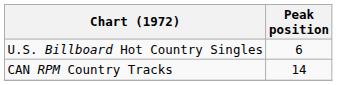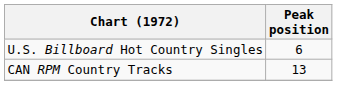 <table class="wikitable sortable">
 <tr>
 <th align="left">Chart (1972)</th>
 <th align="center">Peak<br>position</th>
 </tr>
 <tr>
 <td align="left">U.S. <em>Billboard</em> Hot Country Singles</td>
 <td align="center">6</td>
 </tr>
 <tr>
 <td align="left">CAN <em>RPM</em> Country Tracks</td>
-<td align="center">14</td>
+<td align="center">13</td>
 </tr>
 <tr>
 </tr>
 </table>
